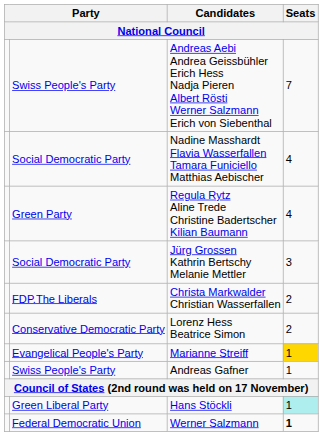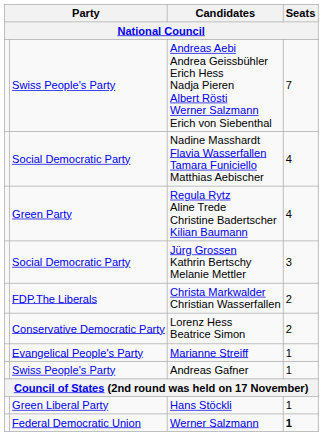 <table class="wikitable" style="font-size:95%;">
 <tr>
 <th colspan=2>Party</th>
 <th>Candidates</th>
 <th>Seats</th>
 </tr>
 <tr>
 <th colspan=6><a href='#'>National Council</a></th>
 </tr>
 <tr>
 <td bgcolor=></td>
 <td align=left><a href='#'>Swiss People's Party</a></td>
 <td><a href='#'>Andreas Aebi</a><br>Andrea Geissbühler<br>Erich Hess<br>Nadja Pieren<br><a href='#'>Albert Rösti</a><br><a href='#'>Werner Salzmann</a><br>Erich von Siebenthal</td>
 <td>7</td>
 </tr>
 <tr>
 <td bgcolor=></td>
 <td align=left><a href='#'>Social Democratic Party</a></td>
 <td>Nadine Masshardt<br><a href='#'>Flavia Wasserfallen</a><br><a href='#'>Tamara Funiciello</a><br>Matthias Aebischer</td>
 <td>4</td>
 </tr>
 <tr>
 <td bgcolor=></td>
 <td align=left><a href='#'>Green Party</a></td>
 <td><a href='#'>Regula Rytz</a><br>Aline Trede<br>Christine Badertscher<br><a href='#'>Kilian Baumann</a></td>
 <td>4</td>
 </tr>
 <tr>
 <td bgcolor=></td>
 <td align=left><a href='#'>Social Democratic Party</a></td>
 <td><a href='#'>Jürg Grossen</a><br>Kathrin Bertschy<br>Melanie Mettler</td>
 <td>3</td>
 </tr>
 <tr>
 <td bgcolor=></td>
 <td align=left><a href='#'>FDP.The Liberals</a></td>
 <td><a href='#'>Christa Markwalder</a><br>Christian Wasserfallen</td>
 <td>2</td>
 </tr>
 <tr>
 <td bgcolor=></td>
 <td align=left><a href='#'>Conservative Democratic Party</a></td>
 <td>Lorenz Hess<br>Beatrice Simon</td>
 <td>2</td>
 </tr>
 <tr>
 <td bgcolor=></td>
 <td align=left><a href='#'>Evangelical People's Party</a></td>
 <td><a href='#'>Marianne Streiff</a></td>
-<td style="background: gold;">1</td>
+<td>1</td>
 </tr>
 <tr>
 <td bgcolor=></td>
 <td align=left><a href='#'>Swiss People's Party</a></td>
 <td>Andreas Gafner</td>
 <td>1</td>
 </tr>
 <tr>
 <th colspan=6><a href='#'>Council of States</a> (2nd round was held on 17 November)</th>
 </tr>
 <tr>
 <td bgcolor=></td>
 <td align=left><a href='#'>Green Liberal Party</a></td>
 <td><a href='#'>Hans Stöckli</a></td>
-<td style="background: paleturquoise;">1</td>
+<td>1</td>
 </tr>
 <tr>
 <td bgcolor=></td>
 <td align=left><a href='#'>Federal Democratic Union</a></td>
 <td><a href='#'>Werner Salzmann</a></td>
 <td><strong>1</strong></td>
 </tr>
 </table>
